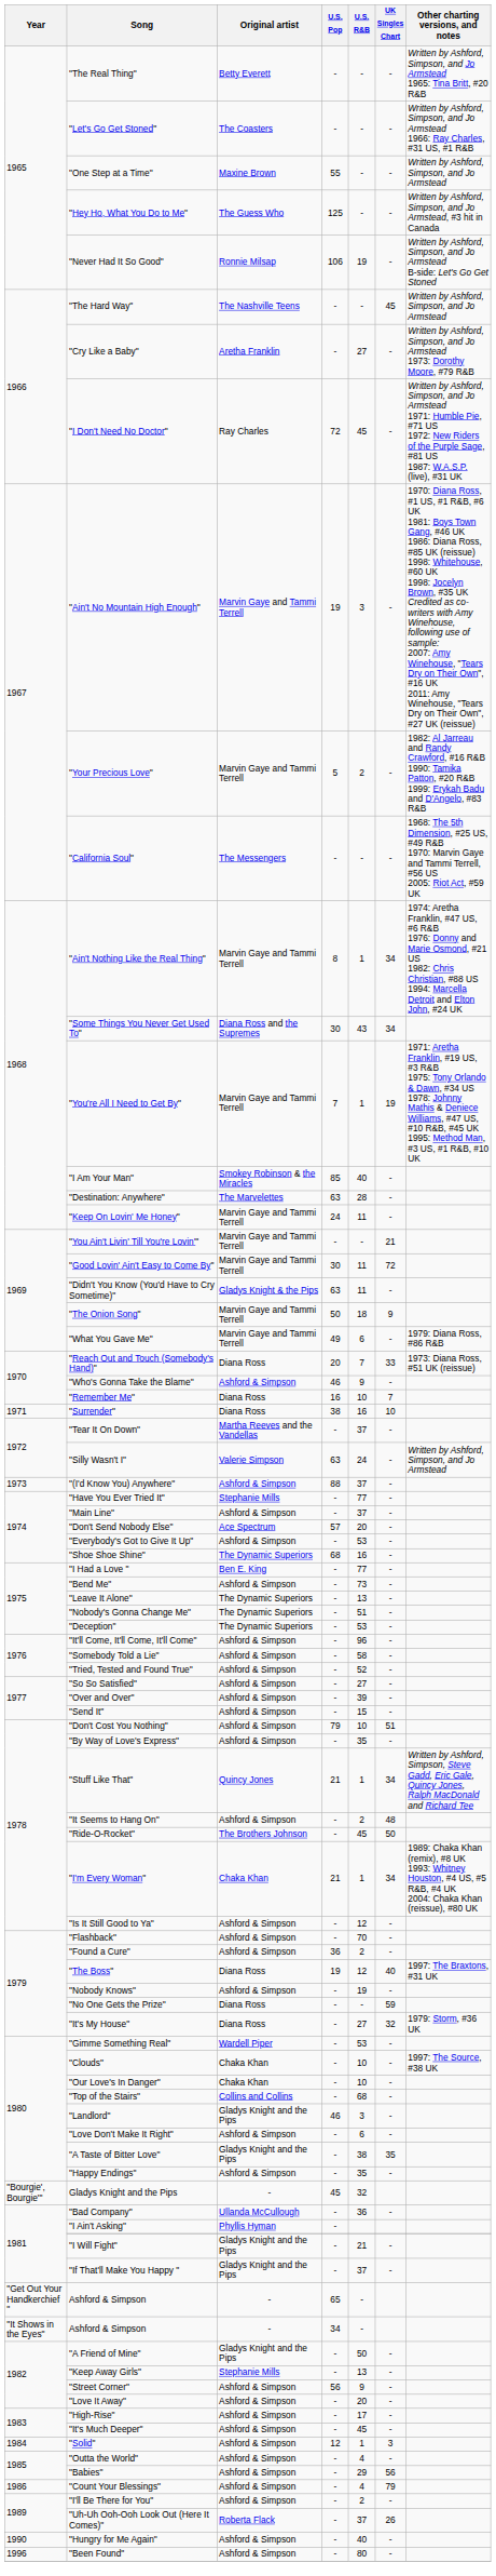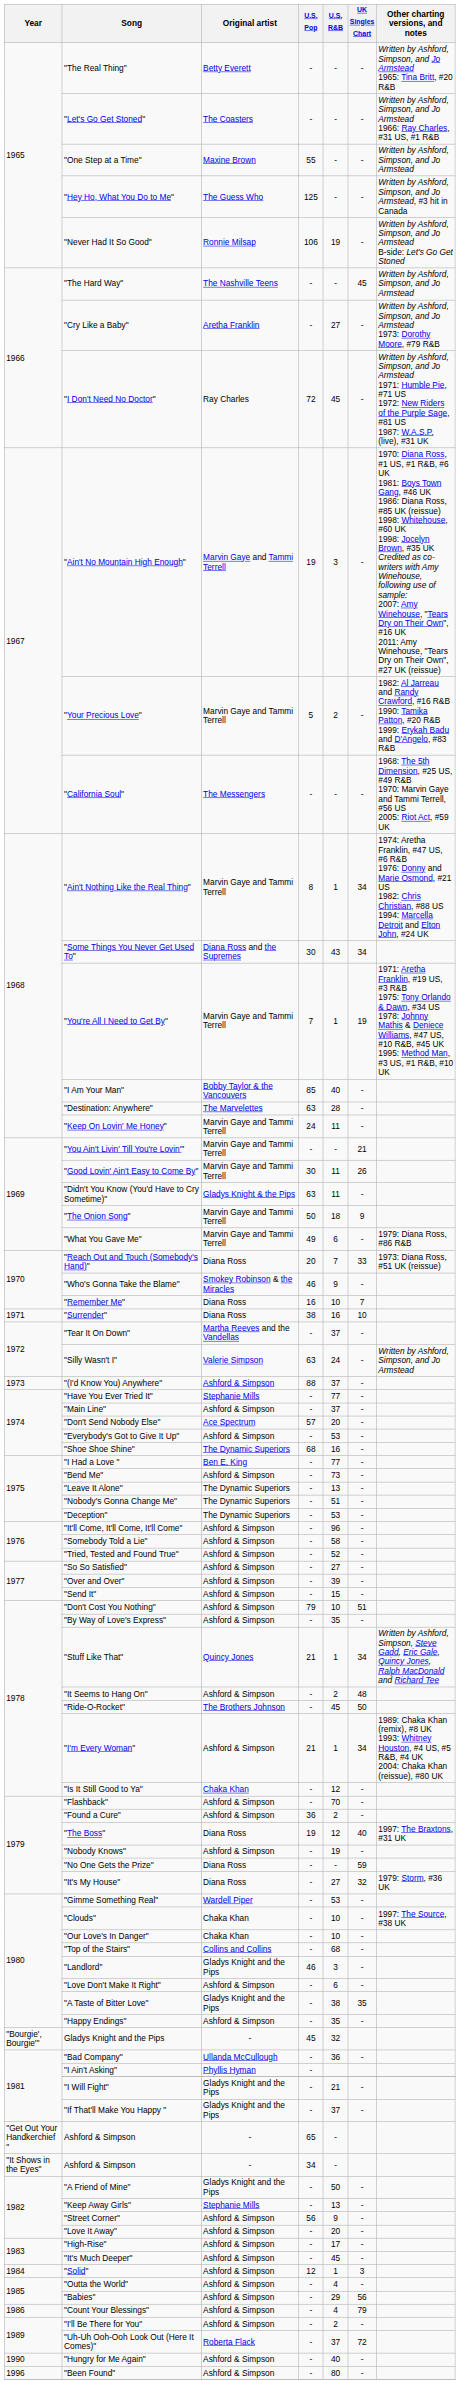 <table class="wikitable">
 <tr>
 <th>Year</th>
 <th width="260">Song</th>
 <th width="180">Original artist</th>
 <th width="40"><sup><a href='#'>U.S. Pop</a></sup></th>
 <th width="40"><sup><a href='#'>U.S. R&B</a></sup></th>
 <th width="40"><sup><a href='#'>UK Singles Chart</a></sup></th>
 <th>Other charting versions, and notes</th>
 </tr>
 <tr>
 <td rowspan="5">1965</td>
 <td>"The Real Thing"</td>
 <td><a href='#'>Betty Everett</a></td>
 <td align="center">-</td>
 <td align="center">-</td>
 <td align="center">-</td>
 <td><em>Written by Ashford, Simpson, and <a href='#'>Jo Armstead</a></em><br>1965: <a href='#'>Tina Britt</a>, #20 R&B</td>
 </tr>
 <tr>
 <td>"<a href='#'>Let's Go Get Stoned</a>"</td>
 <td><a href='#'>The Coasters</a></td>
 <td align="center">-</td>
 <td align="center">-</td>
 <td align="center">-</td>
 <td><em>Written by Ashford, Simpson, and Jo Armstead</em><br>1966: <a href='#'>Ray Charles</a>, #31 US, #1 R&B</td>
 </tr>
 <tr>
 <td>"One Step at a Time"</td>
 <td><a href='#'>Maxine Brown</a></td>
 <td align="center">55</td>
 <td align="center">-</td>
 <td align="center">-</td>
 <td><em>Written by Ashford, Simpson, and Jo Armstead</em></td>
 </tr>
 <tr>
 <td>"<a href='#'>Hey Ho, What You Do to Me</a>"</td>
 <td><a href='#'>The Guess Who</a></td>
 <td align="center">125</td>
 <td align="center">-</td>
 <td align="center">-</td>
 <td><em>Written by Ashford, Simpson, and Jo Armstead</em>, #3 hit in Canada</td>
 </tr>
 <tr>
 <td>"Never Had It So Good"</td>
 <td><a href='#'>Ronnie Milsap</a></td>
 <td align="center">106</td>
 <td align="center">19</td>
 <td align="center">-</td>
 <td><em>Written by Ashford, Simpson, and Jo Armstead</em><br> B-side: <em>Let's Go Get Stoned</em></td>
 </tr>
 <tr>
 <td rowspan="3">1966</td>
 <td>"The Hard Way"</td>
 <td><a href='#'>The Nashville Teens</a></td>
 <td align="center">-</td>
 <td align="center">-</td>
 <td align="center">45</td>
 <td><em>Written by Ashford, Simpson, and Jo Armstead</em></td>
 </tr>
 <tr>
 <td>"Cry Like a Baby"</td>
 <td><a href='#'>Aretha Franklin</a></td>
 <td align="center">-</td>
 <td align="center">27</td>
 <td align="center">-</td>
 <td><em>Written by Ashford, Simpson, and Jo Armstead</em><br>1973: <a href='#'>Dorothy Moore</a>, #79 R&B</td>
 </tr>
 <tr>
 <td>"<a href='#'>I Don't Need No Doctor</a>"</td>
 <td>Ray Charles</td>
 <td align="center">72</td>
 <td align="center">45</td>
 <td align="center">-</td>
 <td><em>Written by Ashford, Simpson, and Jo Armstead</em><br>1971: <a href='#'>Humble Pie</a>, #71 US<br>1972: <a href='#'>New Riders of the Purple Sage</a>, #81 US<br>1987: <a href='#'>W.A.S.P.</a> (live), #31 UK</td>
 </tr>
 <tr>
 <td rowspan="3">1967</td>
 <td>"<a href='#'>Ain't No Mountain High Enough</a>"</td>
 <td><a href='#'>Marvin Gaye</a> and <a href='#'>Tammi Terrell</a></td>
 <td align="center">19</td>
 <td align="center">3</td>
 <td align="center">-</td>
 <td>1970: <a href='#'>Diana Ross</a>, #1 US, #1 R&B, #6 UK<br>1981: <a href='#'>Boys Town Gang</a>, #46 UK<br>1986: Diana Ross, #85 UK (reissue)<br>1998: <a href='#'>Whitehouse</a>, #60 UK<br>1998: <a href='#'>Jocelyn Brown</a>, #35 UK<br><em>Credited as co-writers with Amy Winehouse, following use of sample:</em><br>2007: <a href='#'>Amy Winehouse</a>, "<a href='#'>Tears Dry on Their Own</a>", #16 UK<br>2011: Amy Winehouse, "Tears Dry on Their Own", #27 UK (reissue)</td>
 </tr>
 <tr>
 <td>"<a href='#'>Your Precious Love</a>"</td>
 <td>Marvin Gaye and Tammi Terrell</td>
 <td align="center">5</td>
 <td align="center">2</td>
 <td align="center">-</td>
 <td>1982: <a href='#'>Al Jarreau</a> and <a href='#'>Randy Crawford</a>, #16 R&B<br>1990: <a href='#'>Tamika Patton</a>, #20 R&B<br>1999: <a href='#'>Erykah Badu</a> and <a href='#'>D'Angelo</a>, #83 R&B</td>
 </tr>
 <tr>
 <td>"<a href='#'>California Soul</a>"</td>
 <td><a href='#'>The Messengers</a></td>
 <td align="center">-</td>
 <td align="center">-</td>
 <td align="center">-</td>
 <td>1968: <a href='#'>The 5th Dimension</a>, #25 US, #49 R&B<br>1970: Marvin Gaye and Tammi Terrell, #56 US<br>2005: <a href='#'>Riot Act</a>, #59 UK</td>
 </tr>
 <tr>
 <td rowspan="6">1968</td>
 <td>"<a href='#'>Ain't Nothing Like the Real Thing</a>"</td>
 <td>Marvin Gaye and Tammi Terrell</td>
 <td align="center">8</td>
 <td align="center">1</td>
 <td align="center">34</td>
 <td>1974: Aretha Franklin, #47 US, #6 R&B<br>1976: <a href='#'>Donny</a> and <a href='#'>Marie Osmond</a>, #21 US<br>1982: <a href='#'>Chris Christian</a>, #88 US<br>1994: <a href='#'>Marcella Detroit</a> and <a href='#'>Elton John</a>, #24 UK</td>
 </tr>
 <tr>
 <td>"<a href='#'>Some Things You Never Get Used To</a>"</td>
 <td><a href='#'>Diana Ross</a> and <a href='#'>the Supremes</a></td>
 <td align="center">30</td>
 <td align="center">43</td>
 <td align="center">34</td>
 <td></td>
 </tr>
 <tr>
 <td>"<a href='#'>You're All I Need to Get By</a>"</td>
 <td>Marvin Gaye and Tammi Terrell</td>
 <td align="center">7</td>
 <td align="center">1</td>
 <td align="center">19</td>
 <td>1971: <a href='#'>Aretha Franklin</a>, #19 US, #3 R&B<br>1975: <a href='#'>Tony Orlando & Dawn</a>, #34 US<br>1978: <a href='#'>Johnny Mathis</a> & <a href='#'>Deniece Williams</a>, #47 US, #10 R&B, #45 UK<br>1995: <a href='#'>Method Man</a>, #3 US, #1 R&B, #10 UK</td>
 </tr>
 <tr>
 <td>"I Am Your Man"</td>
-<td><a href='#'>Smokey Robinson</a> & <a href='#'>the Miracles</a></td>
+<td><a href='#'>Bobby Taylor & the Vancouvers</a></td>
 <td align="center">85</td>
 <td align="center">40</td>
 <td align="center">-</td>
 <td></td>
 </tr>
 <tr>
 <td>"Destination: Anywhere"</td>
 <td><a href='#'>The Marvelettes</a></td>
 <td align="center">63</td>
 <td align="center">28</td>
 <td align="center">-</td>
 <td></td>
 </tr>
 <tr>
 <td>"<a href='#'>Keep On Lovin' Me Honey</a>"</td>
 <td>Marvin Gaye and Tammi Terrell</td>
 <td align="center">24</td>
 <td align="center">11</td>
 <td align="center">-</td>
 <td></td>
 </tr>
 <tr>
 <td rowspan="5">1969</td>
 <td>"<a href='#'>You Ain't Livin' Till You're Lovin'</a>"</td>
 <td>Marvin Gaye and Tammi Terrell</td>
 <td align="center">-</td>
 <td align="center">-</td>
 <td align="center">21</td>
 <td></td>
 </tr>
 <tr>
 <td>"<a href='#'>Good Lovin' Ain't Easy to Come By</a>"</td>
 <td>Marvin Gaye and Tammi Terrell</td>
 <td align="center">30</td>
 <td align="center">11</td>
-<td align="center">72</td>
+<td align="center">26</td>
 <td></td>
 </tr>
 <tr>
 <td>"Didn't You Know (You'd Have to Cry Sometime)"</td>
 <td><a href='#'>Gladys Knight & the Pips</a></td>
 <td align="center">63</td>
 <td align="center">11</td>
 <td align="center">-</td>
 <td></td>
 </tr>
 <tr>
 <td>"<a href='#'>The Onion Song</a>"</td>
 <td>Marvin Gaye and Tammi Terrell</td>
 <td align="center">50</td>
 <td align="center">18</td>
 <td align="center">9</td>
 <td></td>
 </tr>
 <tr>
 <td>"What You Gave Me"</td>
 <td>Marvin Gaye and Tammi Terrell</td>
 <td align="center">49</td>
 <td align="center">6</td>
 <td align="center">-</td>
 <td>1979: Diana Ross, #86 R&B</td>
 </tr>
 <tr>
 <td rowspan="3">1970</td>
 <td>"<a href='#'>Reach Out and Touch (Somebody's Hand)</a>"</td>
 <td>Diana Ross</td>
 <td align="center">20</td>
 <td align="center">7</td>
 <td align="center">33</td>
 <td>1973: Diana Ross, #51 UK (reissue)</td>
 </tr>
 <tr>
 <td>"Who's Gonna Take the Blame"</td>
-<td><a href='#'>Ashford & Simpson</a></td>
+<td><a href='#'>Smokey Robinson</a> & <a href='#'>the Miracles</a></td>
 <td align="center">46</td>
 <td align="center">9</td>
 <td align="center">-</td>
 <td></td>
 </tr>
 <tr>
 <td>"<a href='#'>Remember Me</a>"</td>
 <td>Diana Ross</td>
 <td align="center">16</td>
 <td align="center">10</td>
 <td align="center">7</td>
 <td></td>
 </tr>
 <tr>
 <td rowspan="1">1971</td>
 <td>"<a href='#'>Surrender</a>"</td>
 <td>Diana Ross</td>
 <td align="center">38</td>
 <td align="center">16</td>
 <td align="center">10</td>
 <td></td>
 </tr>
 <tr>
 <td rowspan="2">1972</td>
 <td>"Tear It On Down"</td>
 <td><a href='#'>Martha Reeves</a> and the <a href='#'>Vandellas</a></td>
 <td align="center">-</td>
 <td align="center">37</td>
 <td align="center">-</td>
 <td></td>
 </tr>
 <tr>
 <td>"Silly Wasn't I"</td>
 <td><a href='#'>Valerie Simpson</a></td>
 <td align="center">63</td>
 <td align="center">24</td>
 <td align="center">-</td>
 <td><em>Written by Ashford, Simpson, and Jo Armstead</em></td>
 </tr>
 <tr>
 <td rowspan="1">1973</td>
 <td>"(I'd Know You) Anywhere"</td>
 <td><a href='#'>Ashford & Simpson</a></td>
 <td align="center">88</td>
 <td align="center">37</td>
 <td align="center">-</td>
 <td></td>
 </tr>
 <tr>
 <td rowspan="5">1974</td>
 <td>"Have You Ever Tried It"</td>
 <td><a href='#'>Stephanie Mills</a></td>
 <td align="center">-</td>
 <td align="center">77</td>
 <td align="center">-</td>
 <td></td>
 </tr>
 <tr>
 <td>"Main Line"</td>
 <td>Ashford & Simpson</td>
 <td align="center">-</td>
 <td align="center">37</td>
 <td align="center">-</td>
 <td></td>
 </tr>
 <tr>
 <td>"Don't Send Nobody Else"</td>
 <td><a href='#'>Ace Spectrum</a></td>
 <td align="center">57</td>
 <td align="center">20</td>
 <td align="center">-</td>
 <td></td>
 </tr>
 <tr>
 <td>"Everybody's Got to Give It Up"</td>
 <td>Ashford & Simpson</td>
 <td align="center">-</td>
 <td align="center">53</td>
 <td align="center">-</td>
 <td></td>
 </tr>
 <tr>
 <td>"Shoe Shoe Shine"</td>
 <td><a href='#'>The Dynamic Superiors</a></td>
 <td align="center">68</td>
 <td align="center">16</td>
 <td align="center">-</td>
 <td></td>
 </tr>
 <tr>
 <td rowspan="5">1975</td>
 <td>"I Had a Love "</td>
 <td><a href='#'>Ben E. King</a></td>
 <td align="center">-</td>
 <td align="center">77</td>
 <td align="center">-</td>
 <td></td>
 </tr>
 <tr>
 <td>"Bend Me"</td>
 <td>Ashford & Simpson</td>
 <td align="center">-</td>
 <td align="center">73</td>
 <td align="center">-</td>
 <td></td>
 </tr>
 <tr>
 <td>"Leave It Alone"</td>
 <td>The Dynamic Superiors</td>
 <td align="center">-</td>
 <td align="center">13</td>
 <td align="center">-</td>
 <td></td>
 </tr>
 <tr>
 <td>"Nobody's Gonna Change Me"</td>
 <td>The Dynamic Superiors</td>
 <td align="center">-</td>
 <td align="center">51</td>
 <td align="center">-</td>
 <td></td>
 </tr>
 <tr>
 <td>"Deception"</td>
 <td>The Dynamic Superiors</td>
 <td align="center">-</td>
 <td align="center">53</td>
 <td align="center">-</td>
 <td></td>
 </tr>
 <tr>
 <td rowspan="3">1976</td>
 <td>"It'll Come, It'll Come, It'll Come"</td>
 <td>Ashford & Simpson</td>
 <td align="center">-</td>
 <td align="center">96</td>
 <td align="center">-</td>
 <td></td>
 </tr>
 <tr>
 <td>"Somebody Told a Lie"</td>
 <td>Ashford & Simpson</td>
 <td align="center">-</td>
 <td align="center">58</td>
 <td align="center">-</td>
 <td></td>
 </tr>
 <tr>
 <td>"Tried, Tested and Found True"</td>
 <td>Ashford & Simpson</td>
 <td align="center">-</td>
 <td align="center">52</td>
 <td align="center">-</td>
 <td></td>
 </tr>
 <tr>
 <td rowspan="3">1977</td>
 <td>"So So Satisfied"</td>
 <td>Ashford & Simpson</td>
 <td align="center">-</td>
 <td align="center">27</td>
 <td align="center">-</td>
 <td></td>
 </tr>
 <tr>
 <td>"Over and Over"</td>
 <td>Ashford & Simpson</td>
 <td align="center">-</td>
 <td align="center">39</td>
 <td align="center">-</td>
 <td></td>
 </tr>
 <tr>
 <td>"Send It"</td>
 <td>Ashford & Simpson</td>
 <td align="center">-</td>
 <td align="center">15</td>
 <td align="center">-</td>
 <td></td>
 </tr>
 <tr>
 <td rowspan="7">1978</td>
 <td>"Don't Cost You Nothing"</td>
 <td>Ashford & Simpson</td>
 <td align="center">79</td>
 <td align="center">10</td>
 <td align="center">51</td>
 <td></td>
 </tr>
 <tr>
 <td>"By Way of Love's Express"</td>
 <td>Ashford & Simpson</td>
 <td align="center">-</td>
 <td align="center">35</td>
 <td align="center">-</td>
 <td></td>
 </tr>
 <tr>
 <td>"Stuff Like That"</td>
 <td><a href='#'>Quincy Jones</a></td>
 <td align="center">21</td>
 <td align="center">1</td>
 <td align="center">34</td>
 <td><em>Written by Ashford, Simpson, <a href='#'>Steve Gadd</a>, <a href='#'>Eric Gale</a>, <a href='#'>Quincy Jones</a>, <a href='#'>Ralph MacDonald</a> and <a href='#'>Richard Tee</a></em></td>
 </tr>
 <tr>
 <td>"It Seems to Hang On"</td>
 <td>Ashford & Simpson</td>
 <td align="center">-</td>
 <td align="center">2</td>
 <td align="center">48</td>
 <td></td>
 </tr>
 <tr>
 <td>"Ride-O-Rocket"</td>
 <td><a href='#'>The Brothers Johnson</a></td>
 <td align="center">-</td>
 <td align="center">45</td>
 <td align="center">50</td>
 <td></td>
 </tr>
 <tr>
 <td>"<a href='#'>I'm Every Woman</a>"</td>
-<td><a href='#'>Chaka Khan</a></td>
+<td>Ashford & Simpson</td>
 <td align="center">21</td>
 <td align="center">1</td>
 <td align="center">34</td>
 <td>1989: Chaka Khan (remix), #8 UK<br>1993: <a href='#'>Whitney Houston</a>, #4 US, #5 R&B, #4 UK<br>2004: Chaka Khan (reissue), #80 UK</td>
 </tr>
 <tr>
 <td>"Is It Still Good to Ya"</td>
-<td>Ashford & Simpson</td>
+<td><a href='#'>Chaka Khan</a></td>
 <td align="center">-</td>
 <td align="center">12</td>
 <td align="center">-</td>
 <td></td>
 </tr>
 <tr>
 <td rowspan="6">1979</td>
 <td>"Flashback"</td>
 <td>Ashford & Simpson</td>
 <td align="center">-</td>
 <td align="center">70</td>
 <td align="center">-</td>
 <td></td>
 </tr>
 <tr>
 <td>"Found a Cure"</td>
 <td>Ashford & Simpson</td>
 <td align="center">36</td>
 <td align="center">2</td>
 <td align="center">-</td>
 <td></td>
 </tr>
 <tr>
 <td>"<a href='#'>The Boss</a>"</td>
 <td>Diana Ross</td>
 <td align="center">19</td>
 <td align="center">12</td>
 <td align="center">40</td>
 <td>1997: <a href='#'>The Braxtons</a>, #31 UK</td>
 </tr>
 <tr>
 <td>"Nobody Knows"</td>
 <td>Ashford & Simpson</td>
 <td align="center">-</td>
 <td align="center">19</td>
 <td align="center">-</td>
 <td></td>
 </tr>
 <tr>
 <td>"No One Gets the Prize"</td>
 <td>Diana Ross</td>
 <td align="center">-</td>
 <td align="center">-</td>
 <td align="center">59</td>
 <td></td>
 </tr>
 <tr>
 <td>"It's My House"</td>
 <td>Diana Ross</td>
 <td align="center">-</td>
 <td align="center">27</td>
 <td align="center">32</td>
 <td>1979: <a href='#'>Storm</a>, #36 UK</td>
 </tr>
 <tr>
 <td rowspan="8">1980</td>
 <td>"Gimme Something Real"</td>
 <td><a href='#'>Wardell Piper</a></td>
 <td align="center">-</td>
 <td align="center">53</td>
 <td align="center">-</td>
 <td></td>
 </tr>
 <tr>
 <td>"Clouds"</td>
 <td>Chaka Khan</td>
 <td align="center">-</td>
 <td align="center">10</td>
 <td align="center">-</td>
 <td>1997: <a href='#'>The Source</a>, #38 UK</td>
 </tr>
 <tr>
 <td>"Our Love's In Danger"</td>
 <td>Chaka Khan</td>
 <td align="center">-</td>
 <td align="center">10</td>
 <td align="center">-</td>
 <td></td>
 </tr>
 <tr>
 <td>"Top of the Stairs"</td>
 <td><a href='#'>Collins and Collins</a></td>
 <td align="center">-</td>
 <td align="center">68</td>
 <td align="center">-</td>
 <td></td>
 </tr>
 <tr>
 <td>"Landlord"</td>
 <td>Gladys Knight and the Pips</td>
 <td align="center">46</td>
 <td align="center">3</td>
 <td align="center">-</td>
 <td></td>
 </tr>
 <tr>
 <td>"Love Don't Make It Right"</td>
 <td>Ashford & Simpson</td>
 <td align="center">-</td>
 <td align="center">6</td>
 <td align="center">-</td>
 <td></td>
 </tr>
 <tr>
 <td>"A Taste of Bitter Love"</td>
 <td>Gladys Knight and the Pips</td>
 <td align="center">-</td>
 <td align="center">38</td>
 <td align="center">35</td>
 <td></td>
 </tr>
 <tr>
 <td>"Happy Endings"</td>
 <td>Ashford & Simpson</td>
 <td align="center">-</td>
 <td align="center">35</td>
 <td align="center">-</td>
 <td></td>
 </tr>
 <tr>
 <td>"Bourgie', Bourgie'"</td>
 <td>Gladys Knight and the Pips</td>
 <td align="center">-</td>
 <td align="center">45</td>
 <td align="center">32</td>
 <td></td>
 </tr>
 <tr>
 <td rowspan="5">1981</td>
 <td>"Bad Company"</td>
 <td><a href='#'>Ullanda McCullough</a></td>
 <td align="center">-</td>
 <td align="center">36</td>
 <td align="center">-</td>
 <td></td>
 </tr>
 <tr>
 <td>"I Ain't Asking"</td>
 <td><a href='#'>Phyllis Hyman</a></td>
 <td align="center">-</td>
 <td align="center"></td>
 <td align="center"></td>
 <td></td>
 </tr>
 <tr>
 </tr>
 <tr>
 <td>"I Will Fight"</td>
 <td>Gladys Knight and the Pips</td>
 <td align="center">-</td>
 <td align="center">21</td>
 <td align="center">-</td>
 <td></td>
 </tr>
 <tr>
 <td>"If That'll Make You Happy "</td>
 <td>Gladys Knight and the Pips</td>
 <td align="center">-</td>
 <td align="center">37</td>
 <td align="center">-</td>
 <td></td>
 </tr>
 <tr>
 <td>"Get Out Your Handkerchief "</td>
 <td>Ashford & Simpson</td>
 <td align="center">-</td>
 <td align="center">65</td>
 <td align="center">-</td>
 <td></td>
 <td></td>
 </tr>
 <tr>
 <td>"It Shows in the Eyes"</td>
 <td>Ashford & Simpson</td>
 <td align="center">-</td>
 <td align="center">34</td>
 <td align="center">-</td>
 <td></td>
 </tr>
 <tr>
 <td rowspan="4">1982</td>
 <td>"A Friend of Mine"</td>
 <td>Gladys Knight and the Pips</td>
 <td align="center">-</td>
 <td align="center">50</td>
 <td align="center">-</td>
 <td></td>
 </tr>
 <tr>
 <td>"Keep Away Girls"</td>
 <td><a href='#'>Stephanie Mills</a></td>
 <td align="center">-</td>
 <td align="center">13</td>
 <td align="center">-</td>
 <td></td>
 </tr>
 <tr>
 <td>"Street Corner"</td>
 <td>Ashford & Simpson</td>
 <td align="center">56</td>
 <td align="center">9</td>
 <td align="center">-</td>
 <td></td>
 </tr>
 <tr>
 <td>"Love It Away"</td>
 <td>Ashford & Simpson</td>
 <td align="center">-</td>
 <td align="center">20</td>
 <td align="center">-</td>
 <td></td>
 </tr>
 <tr>
 <td rowspan="2">1983</td>
 <td>"High-Rise"</td>
 <td>Ashford & Simpson</td>
 <td align="center">-</td>
 <td align="center">17</td>
 <td align="center">-</td>
 <td></td>
 </tr>
 <tr>
 <td>"It's Much Deeper"</td>
 <td>Ashford & Simpson</td>
 <td align="center">-</td>
 <td align="center">45</td>
 <td align="center">-</td>
 <td></td>
 </tr>
 <tr>
 <td rowspan="1">1984</td>
 <td>"<a href='#'>Solid</a>"</td>
 <td>Ashford & Simpson</td>
 <td align="center">12</td>
 <td align="center">1</td>
 <td align="center">3</td>
 <td></td>
 </tr>
 <tr>
 <td rowspan="2">1985</td>
 <td>"Outta the World"</td>
 <td>Ashford & Simpson</td>
 <td align="center">-</td>
 <td align="center">4</td>
 <td align="center">-</td>
 <td></td>
 </tr>
 <tr>
 <td>"Babies"</td>
 <td>Ashford & Simpson</td>
 <td align="center">-</td>
 <td align="center">29</td>
 <td align="center">56</td>
 <td></td>
 </tr>
 <tr>
 <td rowspan="1">1986</td>
 <td>"Count Your Blessings"</td>
 <td>Ashford & Simpson</td>
 <td align="center">-</td>
 <td align="center">4</td>
 <td align="center">79</td>
 <td></td>
 </tr>
 <tr>
 <td rowspan="2">1989</td>
 <td>"I'll Be There for You"</td>
 <td>Ashford & Simpson</td>
 <td align="center">-</td>
 <td align="center">2</td>
 <td align="center">-</td>
 <td></td>
 </tr>
 <tr>
 <td>"Uh-Uh Ooh-Ooh Look Out (Here It Comes)"</td>
 <td><a href='#'>Roberta Flack</a></td>
 <td align="center">-</td>
 <td align="center">37</td>
-<td align="center">26</td>
+<td align="center">72</td>
 <td></td>
 </tr>
 <tr>
 <td rowspan="1">1990</td>
 <td>"Hungry for Me Again"</td>
 <td>Ashford & Simpson</td>
 <td align="center">-</td>
 <td align="center">40</td>
 <td align="center">-</td>
 <td></td>
 </tr>
 <tr>
 <td rowspan="1">1996</td>
 <td>"Been Found"</td>
 <td>Ashford & Simpson</td>
 <td align="center">-</td>
 <td align="center">80</td>
 <td align="center">-</td>
 <td></td>
 </tr>
 <tr>
 </tr>
 </table>
